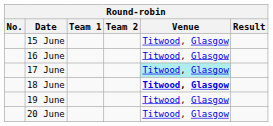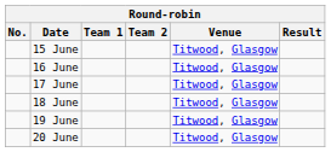 <table class="wikitable">
 <tr>
 <th colspan="6">Round-robin</th>
 </tr>
 <tr>
 <th>No.</th>
 <th>Date</th>
 <th>Team 1</th>
 <th>Team 2</th>
 <th>Venue</th>
 <th>Result</th>
 </tr>
 <tr>
 <td></td>
 <td>15 June</td>
 <td></td>
 <td></td>
 <td><a href='#'>Titwood</a>, <a href='#'>Glasgow</a></td>
 <td></td>
 </tr>
 <tr>
 <td></td>
 <td>16 June</td>
 <td></td>
 <td></td>
 <td><a href='#'>Titwood</a>, <a href='#'>Glasgow</a></td>
 <td></td>
 </tr>
 <tr>
 <td></td>
 <td>17 June</td>
 <td></td>
 <td></td>
-<td style="background: paleturquoise;"><a href='#'>Titwood</a>, <a href='#'>Glasgow</a></td>
+<td><a href='#'>Titwood</a>, <a href='#'>Glasgow</a></td>
 <td></td>
 </tr>
 <tr>
 <td></td>
 <td>18 June</td>
 <td></td>
 <td></td>
-<td><strong><a href='#'>Titwood</a>, <a href='#'>Glasgow</a></strong></td>
+<td><a href='#'>Titwood</a>, <a href='#'>Glasgow</a></td>
 <td></td>
 </tr>
 <tr>
 <td></td>
 <td>19 June</td>
 <td></td>
 <td></td>
 <td><a href='#'>Titwood</a>, <a href='#'>Glasgow</a></td>
 <td></td>
 </tr>
 <tr>
 <td></td>
 <td>20 June</td>
 <td></td>
 <td></td>
 <td><a href='#'>Titwood</a>, <a href='#'>Glasgow</a></td>
 <td></td>
 </tr>
 </table>
